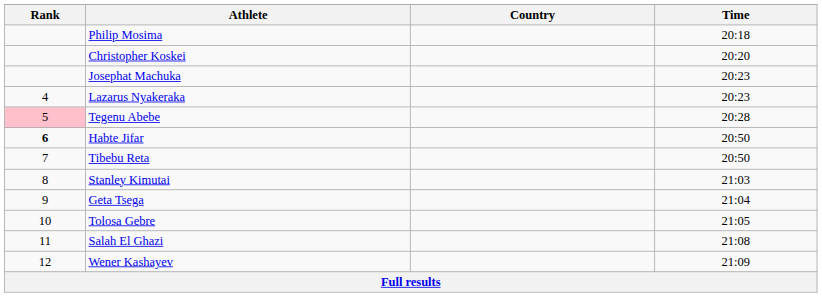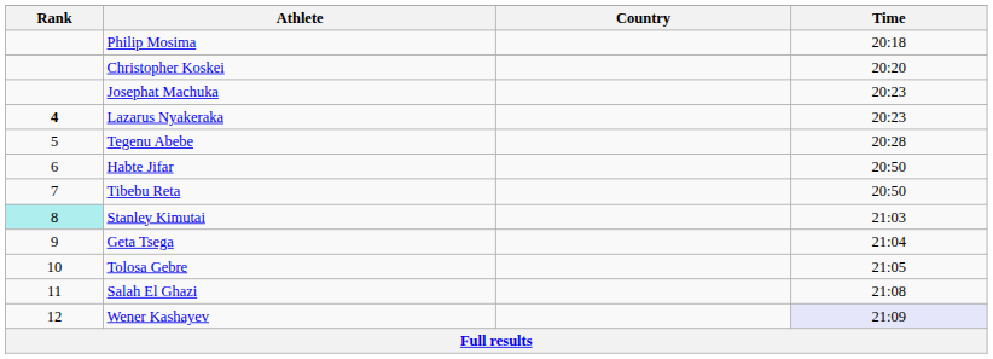 <table class="wikitable sortable" style=" text-align:center; font-size:95%;" width="50%">
 <tr>
 </tr>
 <tr>
 <th width=5%>Rank</th>
 <th width=20%>Athlete</th>
 <th width=15%>Country</th>
 <th width=10%>Time</th>
 </tr>
 <tr>
 <td align=center></td>
 <td align=left><a href='#'>Philip Mosima</a></td>
 <td align=left></td>
 <td>20:18</td>
 </tr>
 <tr>
 <td align=center></td>
 <td align=left><a href='#'>Christopher Koskei</a></td>
 <td align=left></td>
 <td>20:20</td>
 </tr>
 <tr>
 <td align=center></td>
 <td align=left><a href='#'>Josephat Machuka</a></td>
 <td align=left></td>
 <td>20:23</td>
 </tr>
 <tr>
-<td align=center>4</td>
+<td align=center><strong>4</strong></td>
 <td align=left><a href='#'>Lazarus Nyakeraka</a></td>
 <td align=left></td>
 <td>20:23</td>
 </tr>
 <tr>
-<td align=center style="background: pink;">5</td>
+<td align=center>5</td>
 <td align=left><a href='#'>Tegenu Abebe</a></td>
 <td align=left></td>
 <td>20:28</td>
 </tr>
 <tr>
-<td align=center><strong>6</strong></td>
+<td align=center>6</td>
 <td align=left><a href='#'>Habte Jifar</a></td>
 <td align=left></td>
 <td>20:50</td>
 </tr>
 <tr>
 <td align=center>7</td>
 <td align=left><a href='#'>Tibebu Reta</a></td>
 <td align=left></td>
 <td>20:50</td>
 </tr>
 <tr>
-<td align=center>8</td>
+<td align=center style="background: paleturquoise;">8</td>
 <td align=left><a href='#'>Stanley Kimutai</a></td>
 <td align=left></td>
 <td>21:03</td>
 </tr>
 <tr>
 <td align=center>9</td>
 <td align=left><a href='#'>Geta Tsega</a></td>
 <td align=left></td>
 <td>21:04</td>
 </tr>
 <tr>
 <td align=center>10</td>
 <td align=left><a href='#'>Tolosa Gebre</a></td>
 <td align=left></td>
 <td>21:05</td>
 </tr>
 <tr>
 <td align=center>11</td>
 <td align=left><a href='#'>Salah El Ghazi</a></td>
 <td align=left></td>
 <td>21:08</td>
 </tr>
 <tr>
 <td align=center>12</td>
 <td align=left><a href='#'>Wener Kashayev</a></td>
 <td align=left></td>
-<td>21:09</td>
+<td style="background: lavender;">21:09</td>
 </tr>
 <tr class="sortbottom">
 <th colspan=4 align=center><a href='#'>Full results</a></th>
 </tr>
 </table>
